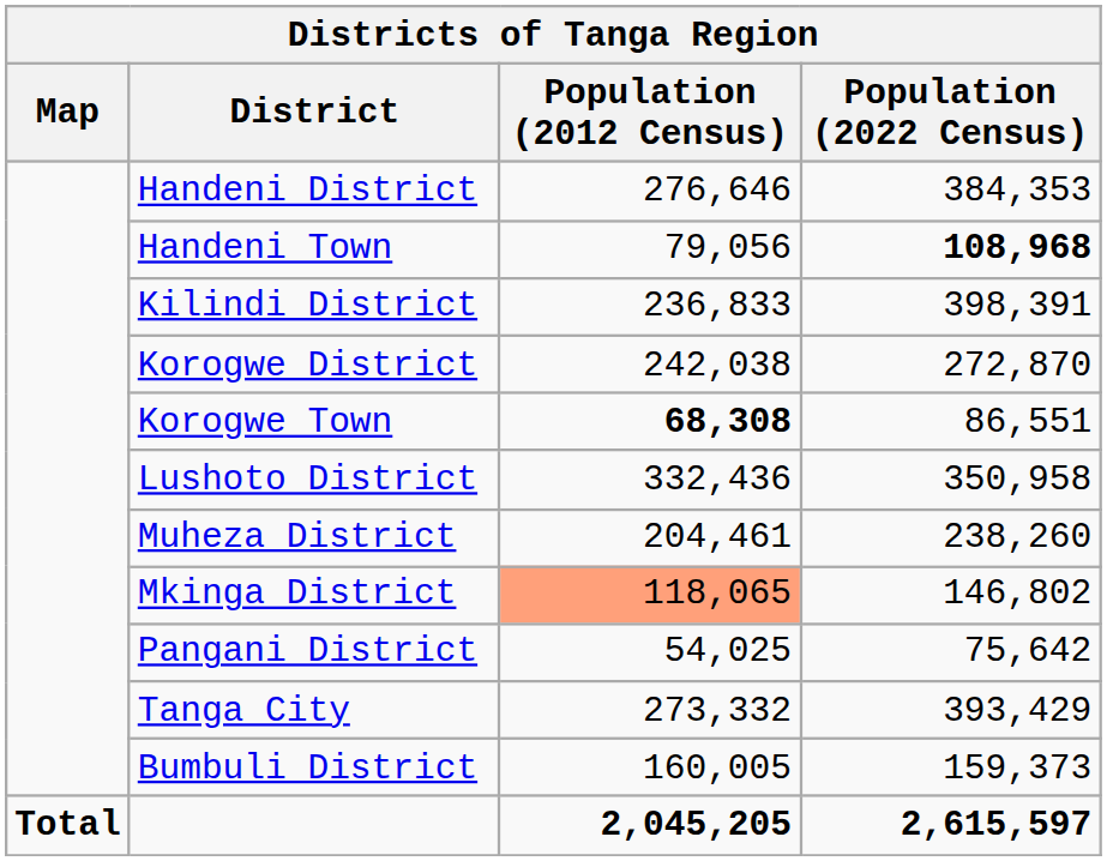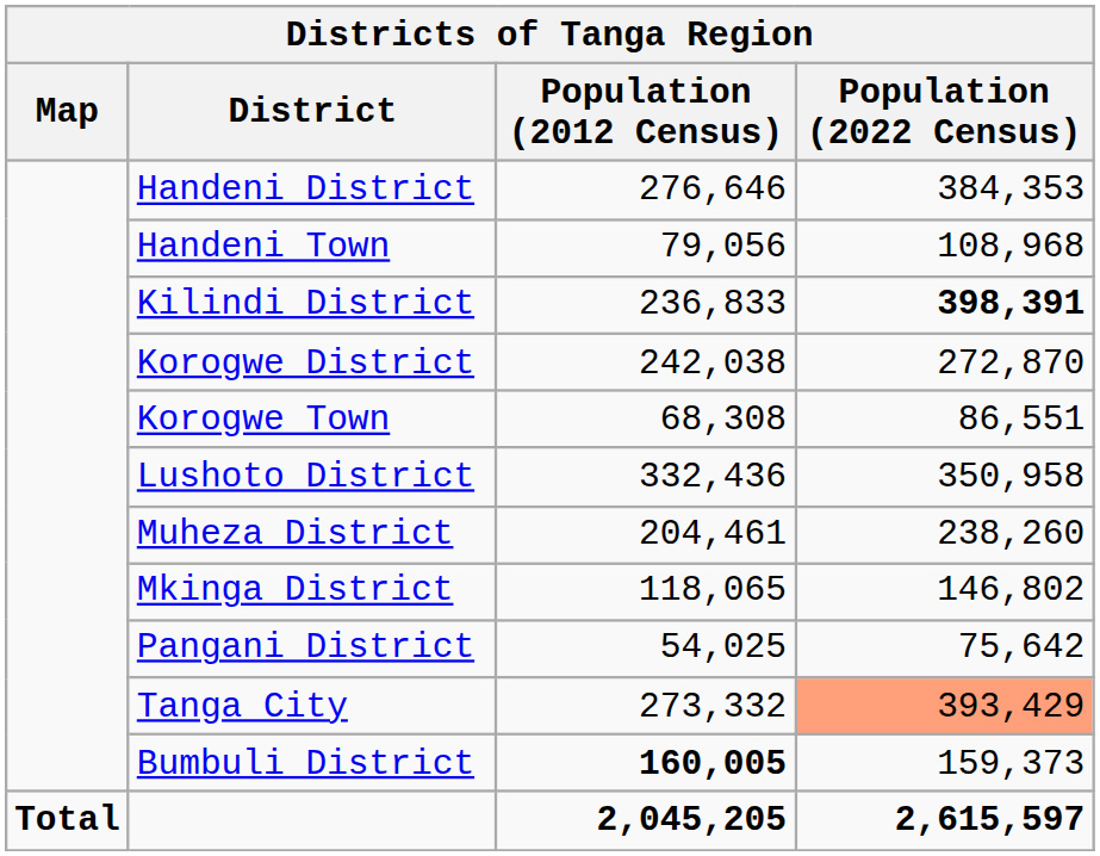 <table class="wikitable">
 <tr>
 <th colspan="14">Districts of Tanga Region</th>
 </tr>
 <tr style="text-align:center;">
 <th>Map</th>
 <th style="width: 10em">District</th>
 <th style="width: 8em">Population<br>(2012 Census)</th>
 <th style="width: 8em">Population<br>(2022 Census)</th>
 </tr>
 <tr>
 <td rowspan= 11></td>
 <td><a href='#'>Handeni District</a></td>
 <td style="text-align:right;">276,646</td>
 <td style="text-align:right;">384,353</td>
 </tr>
 <tr>
 <td><a href='#'>Handeni Town</a></td>
 <td style="text-align:right;">79,056</td>
-<td style="text-align:right;"><strong>108,968</strong></td>
+<td style="text-align:right;">108,968</td>
 </tr>
 <tr>
 <td><a href='#'>Kilindi District</a></td>
 <td style="text-align:right;">236,833</td>
-<td style="text-align:right;">398,391</td>
+<td style="text-align:right;"><strong>398,391</strong></td>
 </tr>
 <tr>
 <td><a href='#'>Korogwe District</a></td>
 <td style="text-align:right;">242,038</td>
 <td style="text-align:right;">272,870</td>
 </tr>
 <tr>
 <td><a href='#'>Korogwe Town</a></td>
-<td style="text-align:right;"><strong>68,308</strong></td>
+<td style="text-align:right;">68,308</td>
 <td style="text-align:right;">86,551</td>
 </tr>
 <tr>
 <td><a href='#'>Lushoto District</a></td>
 <td style="text-align:right;">332,436</td>
 <td style="text-align:right;">350,958</td>
 </tr>
 <tr>
 <td><a href='#'>Muheza District</a></td>
 <td style="text-align:right;">204,461</td>
 <td style="text-align:right;">238,260</td>
 </tr>
 <tr>
 <td><a href='#'>Mkinga District</a></td>
-<td style="background: lightsalmon; text-align:right;">118,065</td>
+<td style="text-align:right;">118,065</td>
 <td style="text-align:right;">146,802</td>
 </tr>
 <tr>
 <td><a href='#'>Pangani District</a></td>
 <td style="text-align:right;">54,025</td>
 <td style="text-align:right;">75,642</td>
 </tr>
 <tr>
 <td><a href='#'>Tanga City</a></td>
 <td style="text-align:right;">273,332</td>
-<td style="text-align:right;">393,429</td>
+<td style="background: lightsalmon; text-align:right;">393,429</td>
 </tr>
 <tr>
 <td><a href='#'>Bumbuli District</a></td>
-<td style="text-align:right;">160,005</td>
+<td style="text-align:right;"><strong>160,005</strong></td>
 <td style="text-align:right;">159,373</td>
 </tr>
 <tr>
 <td><strong>Total</strong></td>
 <td style="text-align:right;"></td>
 <td style="text-align:right;"><strong>2,045,205</strong></td>
 <td style="text-align:right;"><strong>2,615,597</strong></td>
 </tr>
 </table>
